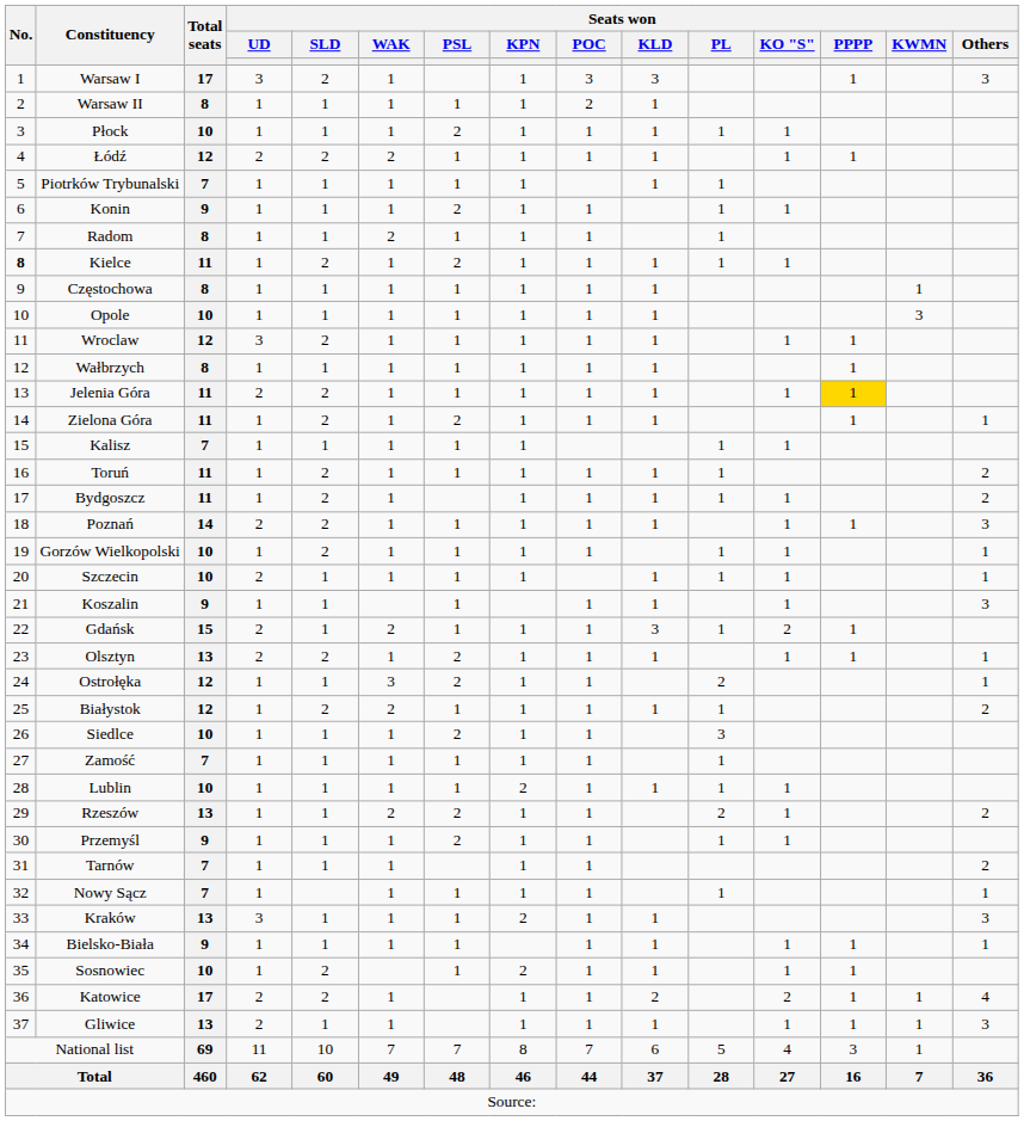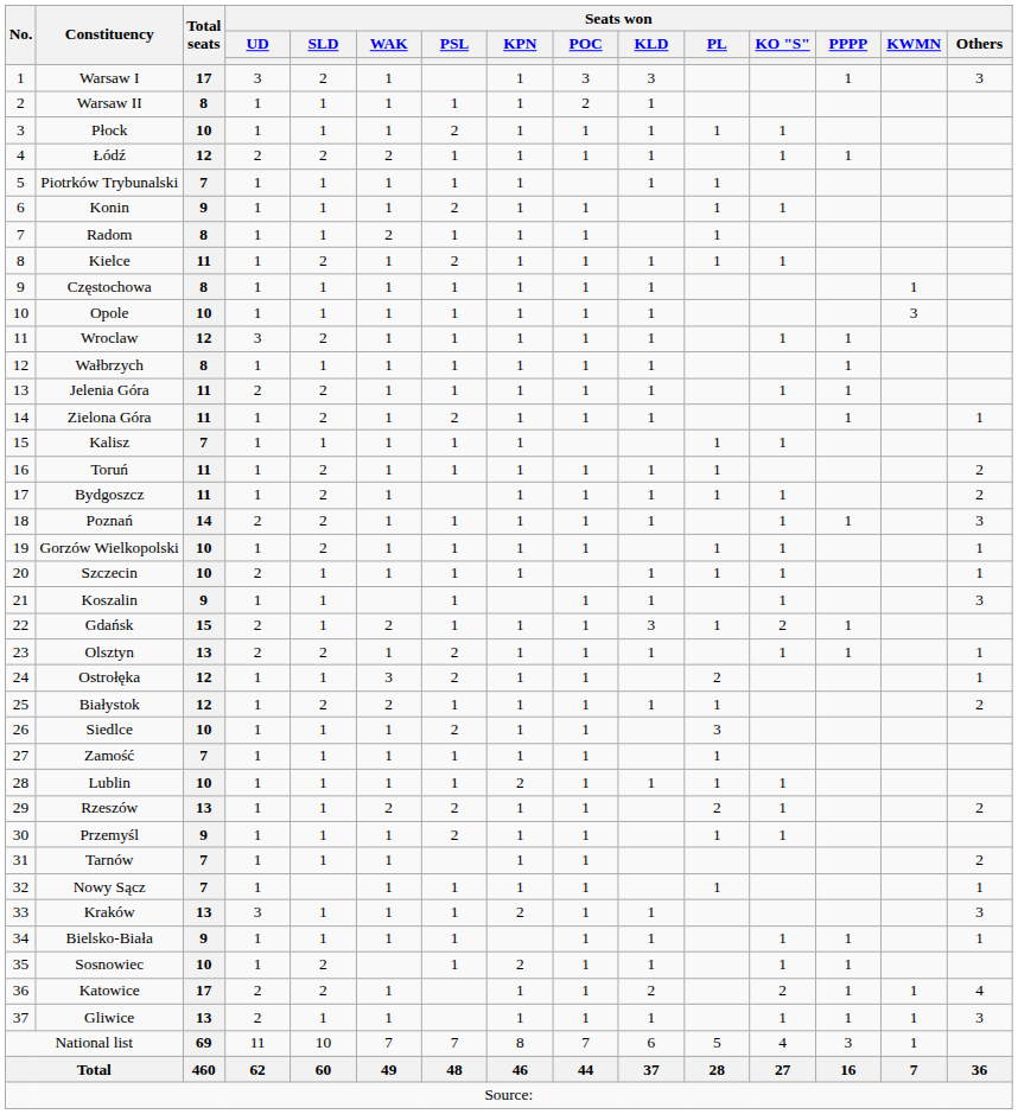 <table class="wikitable" style="text-align:center; font-size: 0.85em;">
 <tr>
 <th rowspan="3">No.</th>
 <th rowspan="3">Constituency</th>
 <th rowspan="3">Total<br>seats</th>
 <th colspan="12">Seats won</th>
 </tr>
 <tr>
 <th class="unsortable" style="width:50px;"><a href='#'>UD</a></th>
 <th class="unsortable" style="width:50px;"><a href='#'>SLD</a></th>
 <th class="unsortable" style="width:50px;"><a href='#'>WAK</a></th>
 <th class="unsortable" style="width:50px;"><a href='#'>PSL</a></th>
 <th class="unsortable" style="width:50px;"><a href='#'>KPN</a></th>
 <th class="unsortable" style="width:50px;"><a href='#'>POC</a></th>
 <th class="unsortable" style="width:50px;"><a href='#'>KLD</a></th>
 <th style="width:50px;"><a href='#'>PL</a></th>
 <th style="width:50px;"><a href='#'>KO "S"</a></th>
 <th style="width:50px;"><a href='#'>PPPP</a></th>
 <th style="width:50px;"><a href='#'>KWMN</a></th>
 <th style="width:50px;">Others</th>
 </tr>
 <tr>
 <th style="background:"></th>
 <th style="background:"></th>
 <th style="background:"></th>
 <th style="background:"></th>
 <th style="background:"></th>
 <th style="background:"></th>
 <th style="background:"></th>
 <th style="background:"></th>
 <th style="background:"></th>
 <th style="background:"></th>
 <th style="background:"></th>
 <th style="background:"></th>
 </tr>
 <tr>
 <td>1</td>
 <td>Warsaw I</td>
 <th>17</th>
 <td>3</td>
 <td>2</td>
 <td>1</td>
 <td></td>
 <td>1</td>
 <td>3</td>
 <td>3</td>
 <td></td>
 <td></td>
 <td>1</td>
 <td></td>
 <td>3</td>
 </tr>
 <tr>
 <td>2</td>
 <td>Warsaw II</td>
 <th>8</th>
 <td>1</td>
 <td>1</td>
 <td>1</td>
 <td>1</td>
 <td>1</td>
 <td>2</td>
 <td>1</td>
 <td></td>
 <td></td>
 <td></td>
 <td></td>
 <td></td>
 </tr>
 <tr>
 <td>3</td>
 <td>Płock</td>
 <th>10</th>
 <td>1</td>
 <td>1</td>
 <td>1</td>
 <td>2</td>
 <td>1</td>
 <td>1</td>
 <td>1</td>
 <td>1</td>
 <td>1</td>
 <td></td>
 <td></td>
 <td></td>
 </tr>
 <tr>
 <td>4</td>
 <td>Łódź</td>
 <th>12</th>
 <td>2</td>
 <td>2</td>
 <td>2</td>
 <td>1</td>
 <td>1</td>
 <td>1</td>
 <td>1</td>
 <td></td>
 <td>1</td>
 <td>1</td>
 <td></td>
 <td></td>
 </tr>
 <tr>
 <td>5</td>
 <td>Piotrków Trybunalski</td>
 <th>7</th>
 <td>1</td>
 <td>1</td>
 <td>1</td>
 <td>1</td>
 <td>1</td>
 <td></td>
 <td>1</td>
 <td>1</td>
 <td></td>
 <td></td>
 <td></td>
 <td></td>
 </tr>
 <tr>
 <td>6</td>
 <td>Konin</td>
 <th>9</th>
 <td>1</td>
 <td>1</td>
 <td>1</td>
 <td>2</td>
 <td>1</td>
 <td>1</td>
 <td></td>
 <td>1</td>
 <td>1</td>
 <td></td>
 <td></td>
 <td></td>
 </tr>
 <tr>
 <td>7</td>
 <td>Radom</td>
 <th>8</th>
 <td>1</td>
 <td>1</td>
 <td>2</td>
 <td>1</td>
 <td>1</td>
 <td>1</td>
 <td></td>
 <td>1</td>
 <td></td>
 <td></td>
 <td></td>
 <td></td>
 </tr>
 <tr>
-<td><strong>8</strong></td>
+<td>8</td>
 <td>Kielce</td>
 <th>11</th>
 <td>1</td>
 <td>2</td>
 <td>1</td>
 <td>2</td>
 <td>1</td>
 <td>1</td>
 <td>1</td>
 <td>1</td>
 <td>1</td>
 <td></td>
 <td></td>
 <td></td>
 </tr>
 <tr>
 <td>9</td>
 <td>Częstochowa</td>
 <th>8</th>
 <td>1</td>
 <td>1</td>
 <td>1</td>
 <td>1</td>
 <td>1</td>
 <td>1</td>
 <td>1</td>
 <td></td>
 <td></td>
 <td></td>
 <td>1</td>
 <td></td>
 </tr>
 <tr>
 <td>10</td>
 <td>Opole</td>
 <th>10</th>
 <td>1</td>
 <td>1</td>
 <td>1</td>
 <td>1</td>
 <td>1</td>
 <td>1</td>
 <td>1</td>
 <td></td>
 <td></td>
 <td></td>
 <td>3</td>
 <td></td>
 </tr>
 <tr>
 <td>11</td>
 <td>Wroclaw</td>
 <th>12</th>
 <td>3</td>
 <td>2</td>
 <td>1</td>
 <td>1</td>
 <td>1</td>
 <td>1</td>
 <td>1</td>
 <td></td>
 <td>1</td>
 <td>1</td>
 <td></td>
 <td></td>
 </tr>
 <tr>
 <td>12</td>
 <td>Wałbrzych</td>
 <th>8</th>
 <td>1</td>
 <td>1</td>
 <td>1</td>
 <td>1</td>
 <td>1</td>
 <td>1</td>
 <td>1</td>
 <td></td>
 <td></td>
 <td>1</td>
 <td></td>
 <td></td>
 </tr>
 <tr>
 <td>13</td>
 <td>Jelenia Góra</td>
 <th>11</th>
 <td>2</td>
 <td>2</td>
 <td>1</td>
 <td>1</td>
 <td>1</td>
 <td>1</td>
 <td>1</td>
 <td></td>
 <td>1</td>
-<td style="background: gold;">1</td>
+<td>1</td>
 <td></td>
 <td></td>
 </tr>
 <tr>
 <td>14</td>
 <td>Zielona Góra</td>
 <th>11</th>
 <td>1</td>
 <td>2</td>
 <td>1</td>
 <td>2</td>
 <td>1</td>
 <td>1</td>
 <td>1</td>
 <td></td>
 <td></td>
 <td>1</td>
 <td></td>
 <td>1</td>
 </tr>
 <tr>
 <td>15</td>
 <td>Kalisz</td>
 <th>7</th>
 <td>1</td>
 <td>1</td>
 <td>1</td>
 <td>1</td>
 <td>1</td>
 <td></td>
 <td></td>
 <td>1</td>
 <td>1</td>
 <td></td>
 <td></td>
 <td></td>
 </tr>
 <tr>
 <td>16</td>
 <td>Toruń</td>
 <th>11</th>
 <td>1</td>
 <td>2</td>
 <td>1</td>
 <td>1</td>
 <td>1</td>
 <td>1</td>
 <td>1</td>
 <td>1</td>
 <td></td>
 <td></td>
 <td></td>
 <td>2</td>
 </tr>
 <tr>
 <td>17</td>
 <td>Bydgoszcz</td>
 <th>11</th>
 <td>1</td>
 <td>2</td>
 <td>1</td>
 <td></td>
 <td>1</td>
 <td>1</td>
 <td>1</td>
 <td>1</td>
 <td>1</td>
 <td></td>
 <td></td>
 <td>2</td>
 </tr>
 <tr>
 <td>18</td>
 <td>Poznań</td>
 <th>14</th>
 <td>2</td>
 <td>2</td>
 <td>1</td>
 <td>1</td>
 <td>1</td>
 <td>1</td>
 <td>1</td>
 <td></td>
 <td>1</td>
 <td>1</td>
 <td></td>
 <td>3</td>
 </tr>
 <tr>
 <td>19</td>
 <td>Gorzów Wielkopolski</td>
 <th>10</th>
 <td>1</td>
 <td>2</td>
 <td>1</td>
 <td>1</td>
 <td>1</td>
 <td>1</td>
 <td></td>
 <td>1</td>
 <td>1</td>
 <td></td>
 <td></td>
 <td>1</td>
 </tr>
 <tr>
 <td>20</td>
 <td>Szczecin</td>
 <th>10</th>
 <td>2</td>
 <td>1</td>
 <td>1</td>
 <td>1</td>
 <td>1</td>
 <td></td>
 <td>1</td>
 <td>1</td>
 <td>1</td>
 <td></td>
 <td></td>
 <td>1</td>
 </tr>
 <tr>
 <td>21</td>
 <td>Koszalin</td>
 <th>9</th>
 <td>1</td>
 <td>1</td>
 <td></td>
 <td>1</td>
 <td></td>
 <td>1</td>
 <td>1</td>
 <td></td>
 <td>1</td>
 <td></td>
 <td></td>
 <td>3</td>
 </tr>
 <tr>
 <td>22</td>
 <td>Gdańsk</td>
 <th>15</th>
 <td>2</td>
 <td>1</td>
 <td>2</td>
 <td>1</td>
 <td>1</td>
 <td>1</td>
 <td>3</td>
 <td>1</td>
 <td>2</td>
 <td>1</td>
 <td></td>
 <td></td>
 </tr>
 <tr>
 <td>23</td>
 <td>Olsztyn</td>
 <th>13</th>
 <td>2</td>
 <td>2</td>
 <td>1</td>
 <td>2</td>
 <td>1</td>
 <td>1</td>
 <td>1</td>
 <td></td>
 <td>1</td>
 <td>1</td>
 <td></td>
 <td>1</td>
 </tr>
 <tr>
 <td>24</td>
 <td>Ostrołęka</td>
 <th>12</th>
 <td>1</td>
 <td>1</td>
 <td>3</td>
 <td>2</td>
 <td>1</td>
 <td>1</td>
 <td></td>
 <td>2</td>
 <td></td>
 <td></td>
 <td></td>
 <td>1</td>
 </tr>
 <tr>
 <td>25</td>
 <td>Białystok</td>
 <th>12</th>
 <td>1</td>
 <td>2</td>
 <td>2</td>
 <td>1</td>
 <td>1</td>
 <td>1</td>
 <td>1</td>
 <td>1</td>
 <td></td>
 <td></td>
 <td></td>
 <td>2</td>
 </tr>
 <tr>
 <td>26</td>
 <td>Siedlce</td>
 <th>10</th>
 <td>1</td>
 <td>1</td>
 <td>1</td>
 <td>2</td>
 <td>1</td>
 <td>1</td>
 <td></td>
 <td>3</td>
 <td></td>
 <td></td>
 <td></td>
 <td></td>
 </tr>
 <tr>
 <td>27</td>
 <td>Zamość</td>
 <th>7</th>
 <td>1</td>
 <td>1</td>
 <td>1</td>
 <td>1</td>
 <td>1</td>
 <td>1</td>
 <td></td>
 <td>1</td>
 <td></td>
 <td></td>
 <td></td>
 <td></td>
 </tr>
 <tr>
 <td>28</td>
 <td>Lublin</td>
 <th>10</th>
 <td>1</td>
 <td>1</td>
 <td>1</td>
 <td>1</td>
 <td>2</td>
 <td>1</td>
 <td>1</td>
 <td>1</td>
 <td>1</td>
 <td></td>
 <td></td>
 <td></td>
 </tr>
 <tr>
 <td>29</td>
 <td>Rzeszów</td>
 <th>13</th>
 <td>1</td>
 <td>1</td>
 <td>2</td>
 <td>2</td>
 <td>1</td>
 <td>1</td>
 <td></td>
 <td>2</td>
 <td>1</td>
 <td></td>
 <td></td>
 <td>2</td>
 </tr>
 <tr>
 <td>30</td>
 <td>Przemyśl</td>
 <th>9</th>
 <td>1</td>
 <td>1</td>
 <td>1</td>
 <td>2</td>
 <td>1</td>
 <td>1</td>
 <td></td>
 <td>1</td>
 <td>1</td>
 <td></td>
 <td></td>
 <td></td>
 </tr>
 <tr>
 <td>31</td>
 <td>Tarnów</td>
 <th>7</th>
 <td>1</td>
 <td>1</td>
 <td>1</td>
 <td></td>
 <td>1</td>
 <td>1</td>
 <td></td>
 <td></td>
 <td></td>
 <td></td>
 <td></td>
 <td>2</td>
 </tr>
 <tr>
 <td>32</td>
 <td>Nowy Sącz</td>
 <th>7</th>
 <td>1</td>
 <td></td>
 <td>1</td>
 <td>1</td>
 <td>1</td>
 <td>1</td>
 <td></td>
 <td>1</td>
 <td></td>
 <td></td>
 <td></td>
 <td>1</td>
 </tr>
 <tr>
 <td>33</td>
 <td>Kraków</td>
 <th>13</th>
 <td>3</td>
 <td>1</td>
 <td>1</td>
 <td>1</td>
 <td>2</td>
 <td>1</td>
 <td>1</td>
 <td></td>
 <td></td>
 <td></td>
 <td></td>
 <td>3</td>
 </tr>
 <tr>
 <td>34</td>
 <td>Bielsko-Biała</td>
 <th>9</th>
 <td>1</td>
 <td>1</td>
 <td>1</td>
 <td>1</td>
 <td></td>
 <td>1</td>
 <td>1</td>
 <td></td>
 <td>1</td>
 <td>1</td>
 <td></td>
 <td>1</td>
 </tr>
 <tr>
 <td>35</td>
 <td>Sosnowiec</td>
 <th>10</th>
 <td>1</td>
 <td>2</td>
 <td></td>
 <td>1</td>
 <td>2</td>
 <td>1</td>
 <td>1</td>
 <td></td>
 <td>1</td>
 <td>1</td>
 <td></td>
 <td></td>
 </tr>
 <tr>
 <td>36</td>
 <td>Katowice</td>
 <th>17</th>
 <td>2</td>
 <td>2</td>
 <td>1</td>
 <td></td>
 <td>1</td>
 <td>1</td>
 <td>2</td>
 <td></td>
 <td>2</td>
 <td>1</td>
 <td>1</td>
 <td>4</td>
 </tr>
 <tr>
 <td>37</td>
 <td>Gliwice</td>
 <th>13</th>
 <td>2</td>
 <td>1</td>
 <td>1</td>
 <td></td>
 <td>1</td>
 <td>1</td>
 <td>1</td>
 <td></td>
 <td>1</td>
 <td>1</td>
 <td>1</td>
 <td>3</td>
 </tr>
 <tr>
 <td colspan="2">National list</td>
 <th>69</th>
 <td>11</td>
 <td>10</td>
 <td>7</td>
 <td>7</td>
 <td>8</td>
 <td>7</td>
 <td>6</td>
 <td>5</td>
 <td>4</td>
 <td>3</td>
 <td>1</td>
 <td></td>
 </tr>
 <tr>
 <th colspan="2">Total</th>
 <th>460</th>
 <th>62</th>
 <th>60</th>
 <th>49</th>
 <th>48</th>
 <th>46</th>
 <th>44</th>
 <th>37</th>
 <th>28</th>
 <th>27</th>
 <th>16</th>
 <th>7</th>
 <th>36</th>
 </tr>
 <tr>
 <td colspan="15">Source: </td>
 </tr>
 </table>
